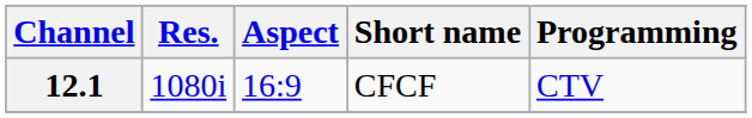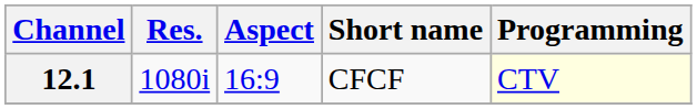 <table class="wikitable">
 <tr>
 <th><a href='#'>Channel</a></th>
 <th><a href='#'>Res.</a></th>
 <th><a href='#'>Aspect</a></th>
 <th>Short name</th>
 <th>Programming</th>
 </tr>
 <tr>
 <th scope = "row">12.1</th>
 <td><a href='#'>1080i</a></td>
 <td><a href='#'>16:9</a></td>
 <td>CFCF</td>
-<td><a href='#'>CTV</a></td>
+<td style="background: lightyellow;"><a href='#'>CTV</a></td>
 </tr>
 <tr>
 </tr>
 </table>
